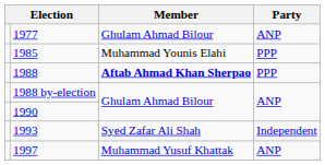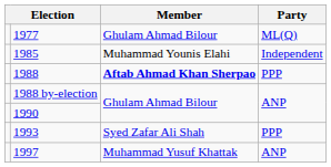 <table class="wikitable">
 <tr>
 <th colspan="2">Election</th>
 <th>Member</th>
 <th>Party</th>
 </tr>
 <tr>
 <td style="background-color: "></td>
 <td><a href='#'>1977</a></td>
 <td><a href='#'>Ghulam Ahmad Bilour</a></td>
-<td><a href='#'>ANP</a></td>
+<td><a href='#'>ML(Q)</a></td>
 </tr>
 <tr>
 <td style="background-color: "></td>
 <td><a href='#'>1985</a></td>
 <td>Muhammad Younis Elahi</td>
-<td><a href='#'>PPP</a></td>
+<td><a href='#'>Independent</a></td>
 </tr>
 <tr>
 <td style="background-color: "></td>
 <td><a href='#'>1988</a></td>
 <td><strong><a href='#'>Aftab Ahmad Khan Sherpao</a></strong></td>
 <td><a href='#'>PPP</a></td>
 </tr>
 <tr>
 <td style="background-color: "></td>
 <td><a href='#'>1988 by-election</a></td>
 <td rowspan="2"><a href='#'>Ghulam Ahmad Bilour</a></td>
 <td rowspan="2"><a href='#'>ANP</a></td>
 </tr>
 <tr>
 <td style="background-color: "></td>
 <td><a href='#'>1990</a></td>
 </tr>
 <tr>
 <td style="background-color: "></td>
 <td><a href='#'>1993</a></td>
 <td><a href='#'>Syed Zafar Ali Shah</a></td>
-<td><a href='#'>Independent</a></td>
+<td><a href='#'>PPP</a></td>
 </tr>
 <tr>
 <td style="background-color: "></td>
 <td><a href='#'>1997</a></td>
 <td><a href='#'>Muhammad Yusuf Khattak</a></td>
 <td><a href='#'>ANP</a></td>
 </tr>
 </table>
